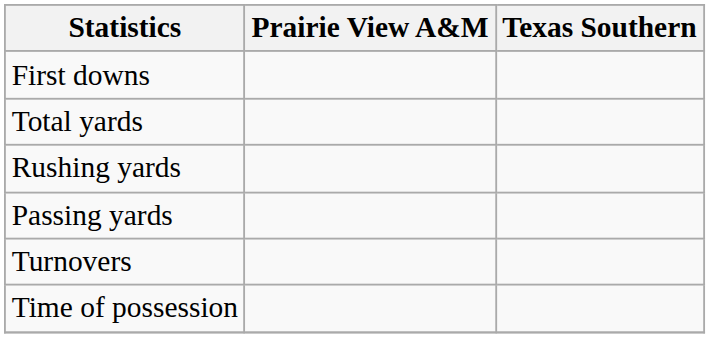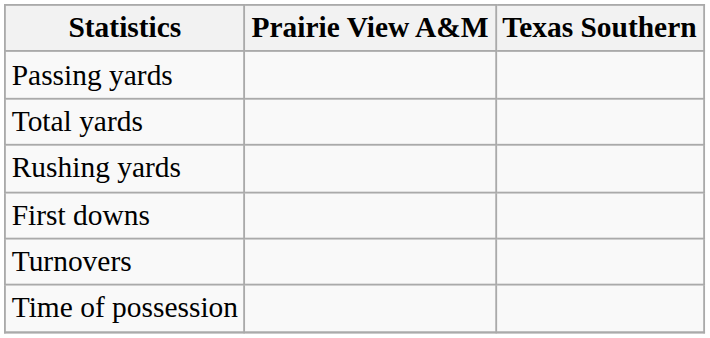 <table class="wikitable">
 <tr>
 <th>Statistics</th>
 <th>Prairie View A&M</th>
 <th>Texas Southern</th>
 </tr>
 <tr>
-<td>First downs</td>
+<td>Passing yards</td>
 <td> </td>
 <td> </td>
 </tr>
 <tr>
 <td>Total yards</td>
 <td> </td>
 <td> </td>
 </tr>
 <tr>
 <td>Rushing yards</td>
 <td> </td>
 <td> </td>
 </tr>
 <tr>
-<td>Passing yards</td>
+<td>First downs</td>
 <td> </td>
 <td> </td>
 </tr>
 <tr>
 <td>Turnovers</td>
 <td> </td>
 <td> </td>
 </tr>
 <tr>
 <td>Time of possession</td>
 <td> </td>
 <td> </td>
 </tr>
 <tr>
 </tr>
 </table>
